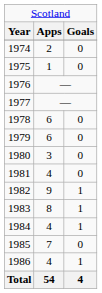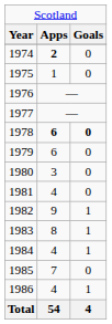 <table class="wikitable" style="text-align:center">
 <tr>
 <td colspan=3><a href='#'>Scotland</a></td>
 </tr>
 <tr>
 <th>Year</th>
 <th>Apps</th>
 <th>Goals</th>
 </tr>
 <tr>
 </tr>
 <tr>
 <td>1974</td>
-<td>2</td>
+<td><strong>2</strong></td>
 <td>0</td>
 </tr>
 <tr>
 <td>1975</td>
 <td>1</td>
 <td>0</td>
 </tr>
 <tr>
 <td>1976</td>
 <td colspan=2>—</td>
 </tr>
 <tr>
 <td>1977</td>
 <td colspan=2>—</td>
 </tr>
 <tr>
 <td>1978</td>
-<td>6</td>
-<td>0</td>
+<td><strong>6</strong></td>
+<td><strong>0</strong></td>
 </tr>
 <tr>
 <td>1979</td>
 <td>6</td>
 <td>0</td>
 </tr>
 <tr>
 <td>1980</td>
 <td>3</td>
 <td>0</td>
 </tr>
 <tr>
 <td>1981</td>
 <td>4</td>
 <td>0</td>
 </tr>
 <tr>
 <td>1982</td>
 <td>9</td>
 <td>1</td>
 </tr>
 <tr>
 <td>1983</td>
 <td>8</td>
 <td>1</td>
 </tr>
 <tr>
 <td>1984</td>
 <td>4</td>
 <td>1</td>
 </tr>
 <tr>
 <td>1985</td>
 <td>7</td>
 <td>0</td>
 </tr>
 <tr>
 <td>1986</td>
 <td>4</td>
 <td>1</td>
 </tr>
 <tr>
 <th>Total</th>
 <th>54</th>
 <th>4</th>
 </tr>
 </table>
